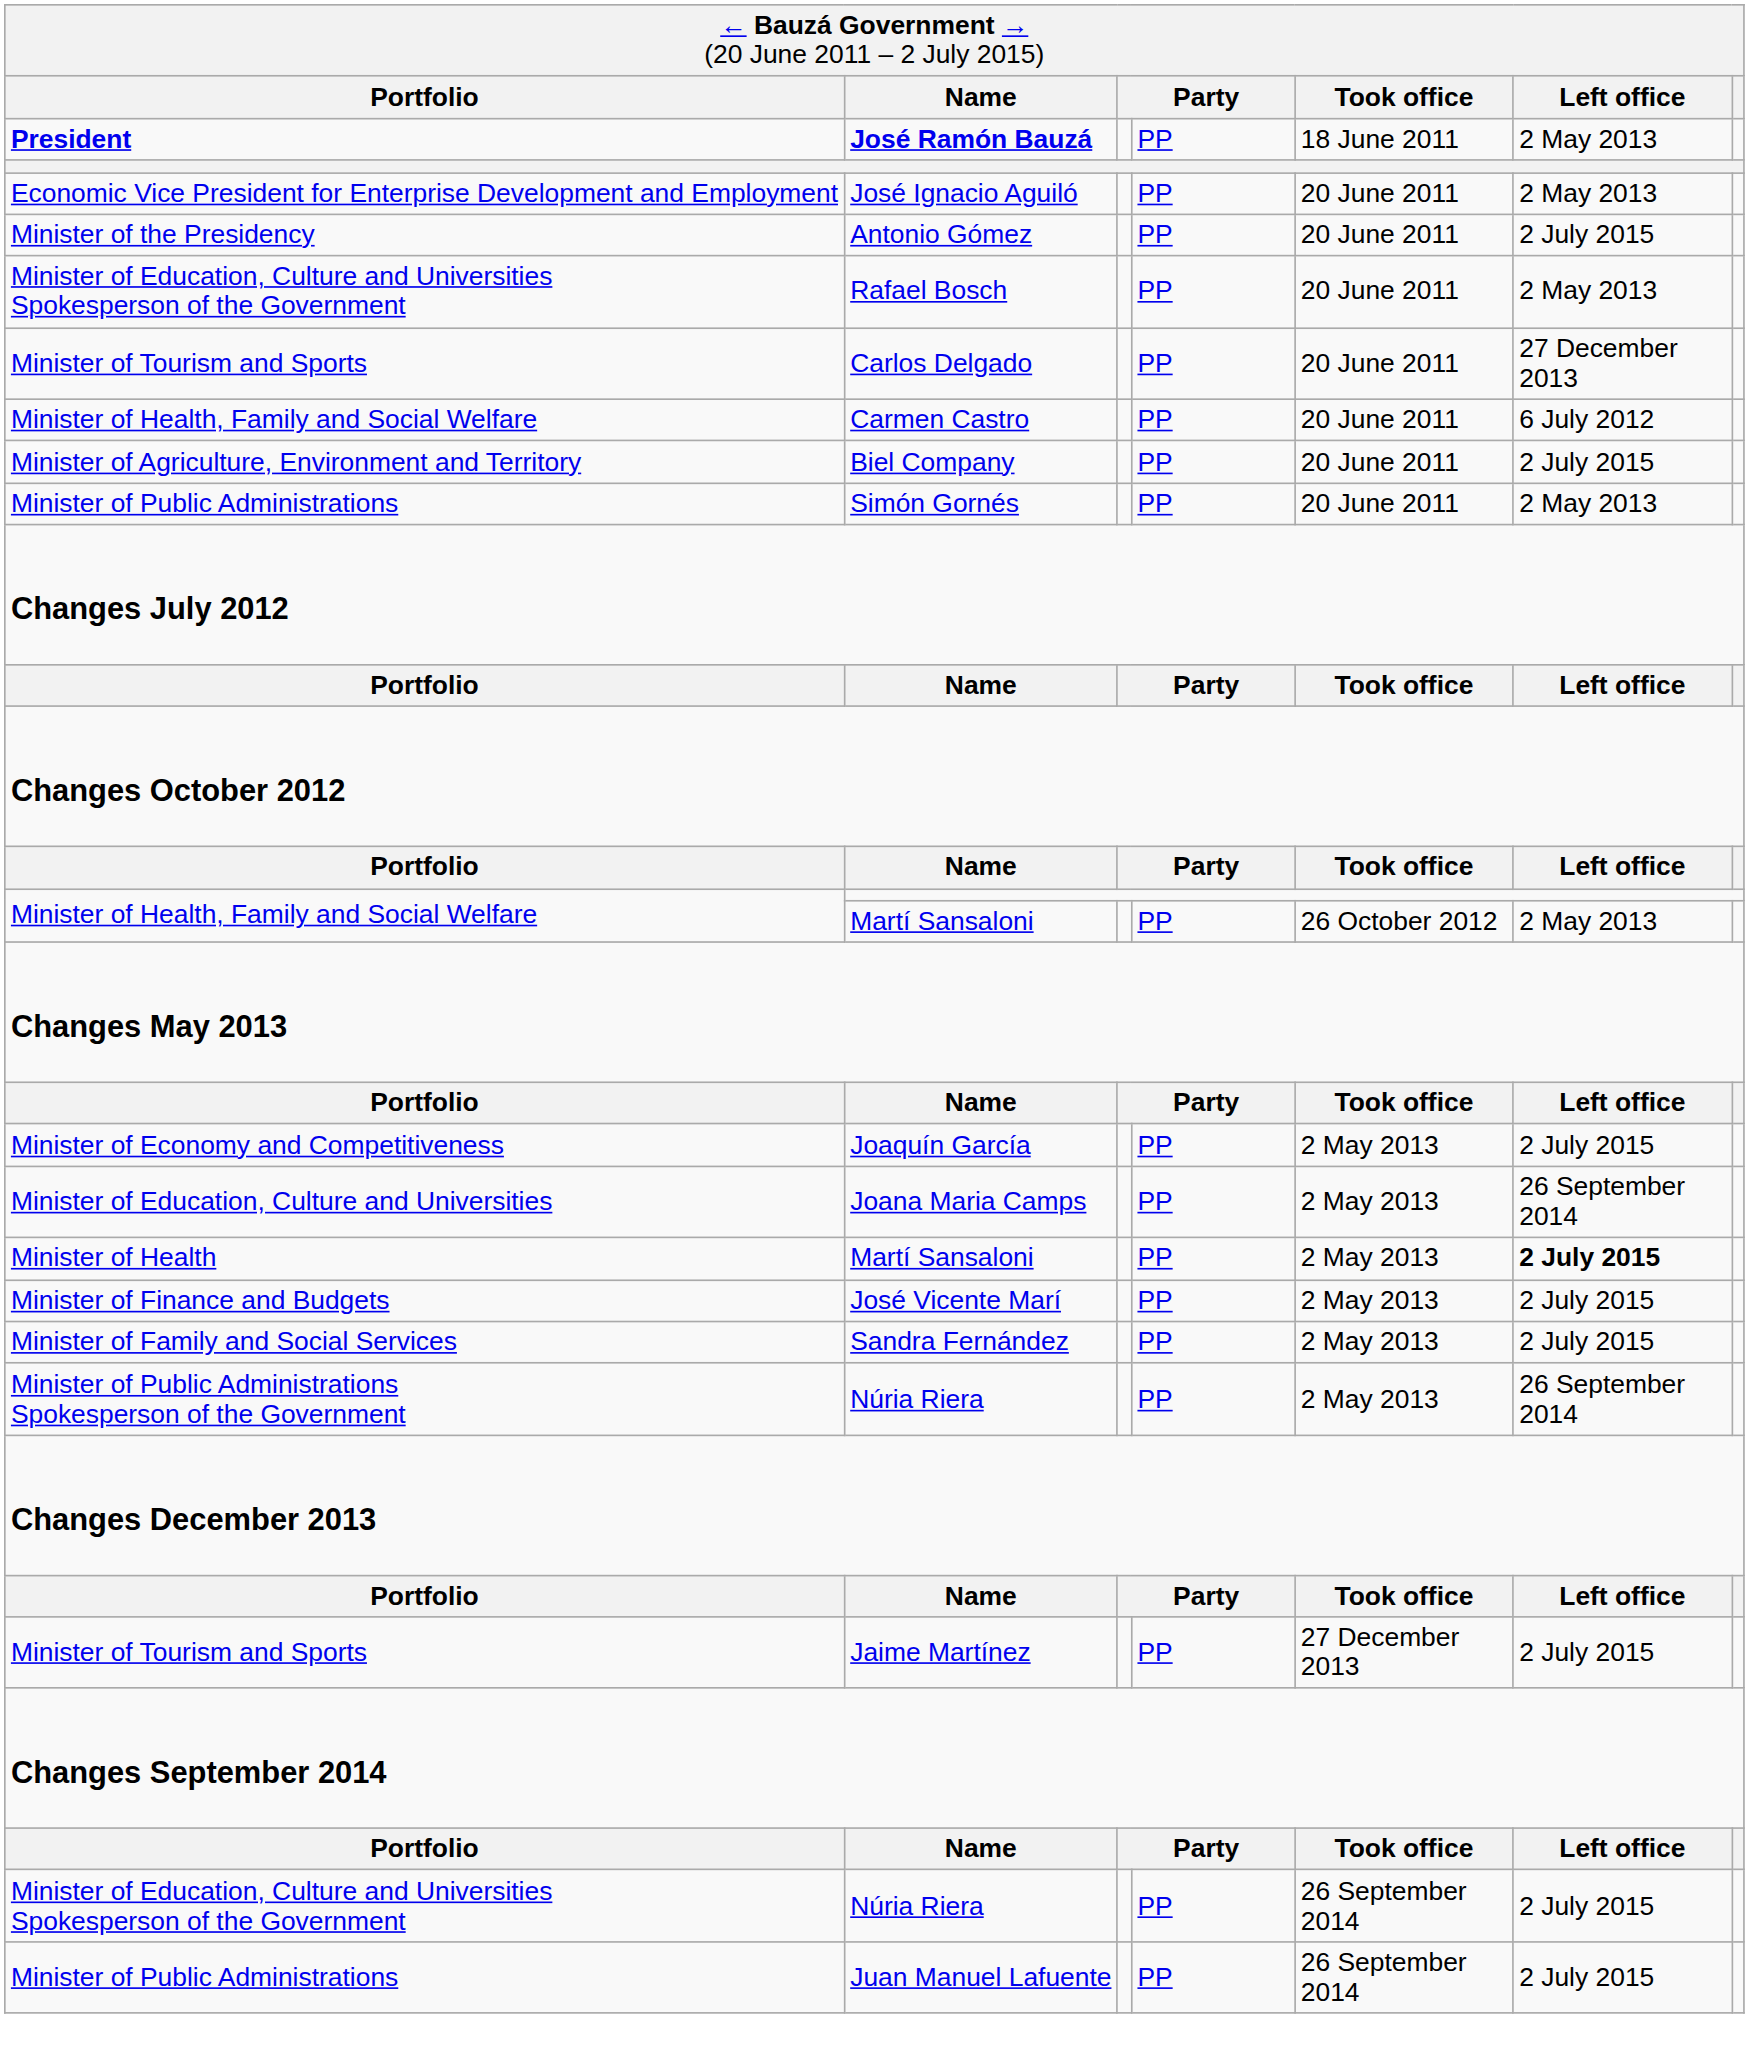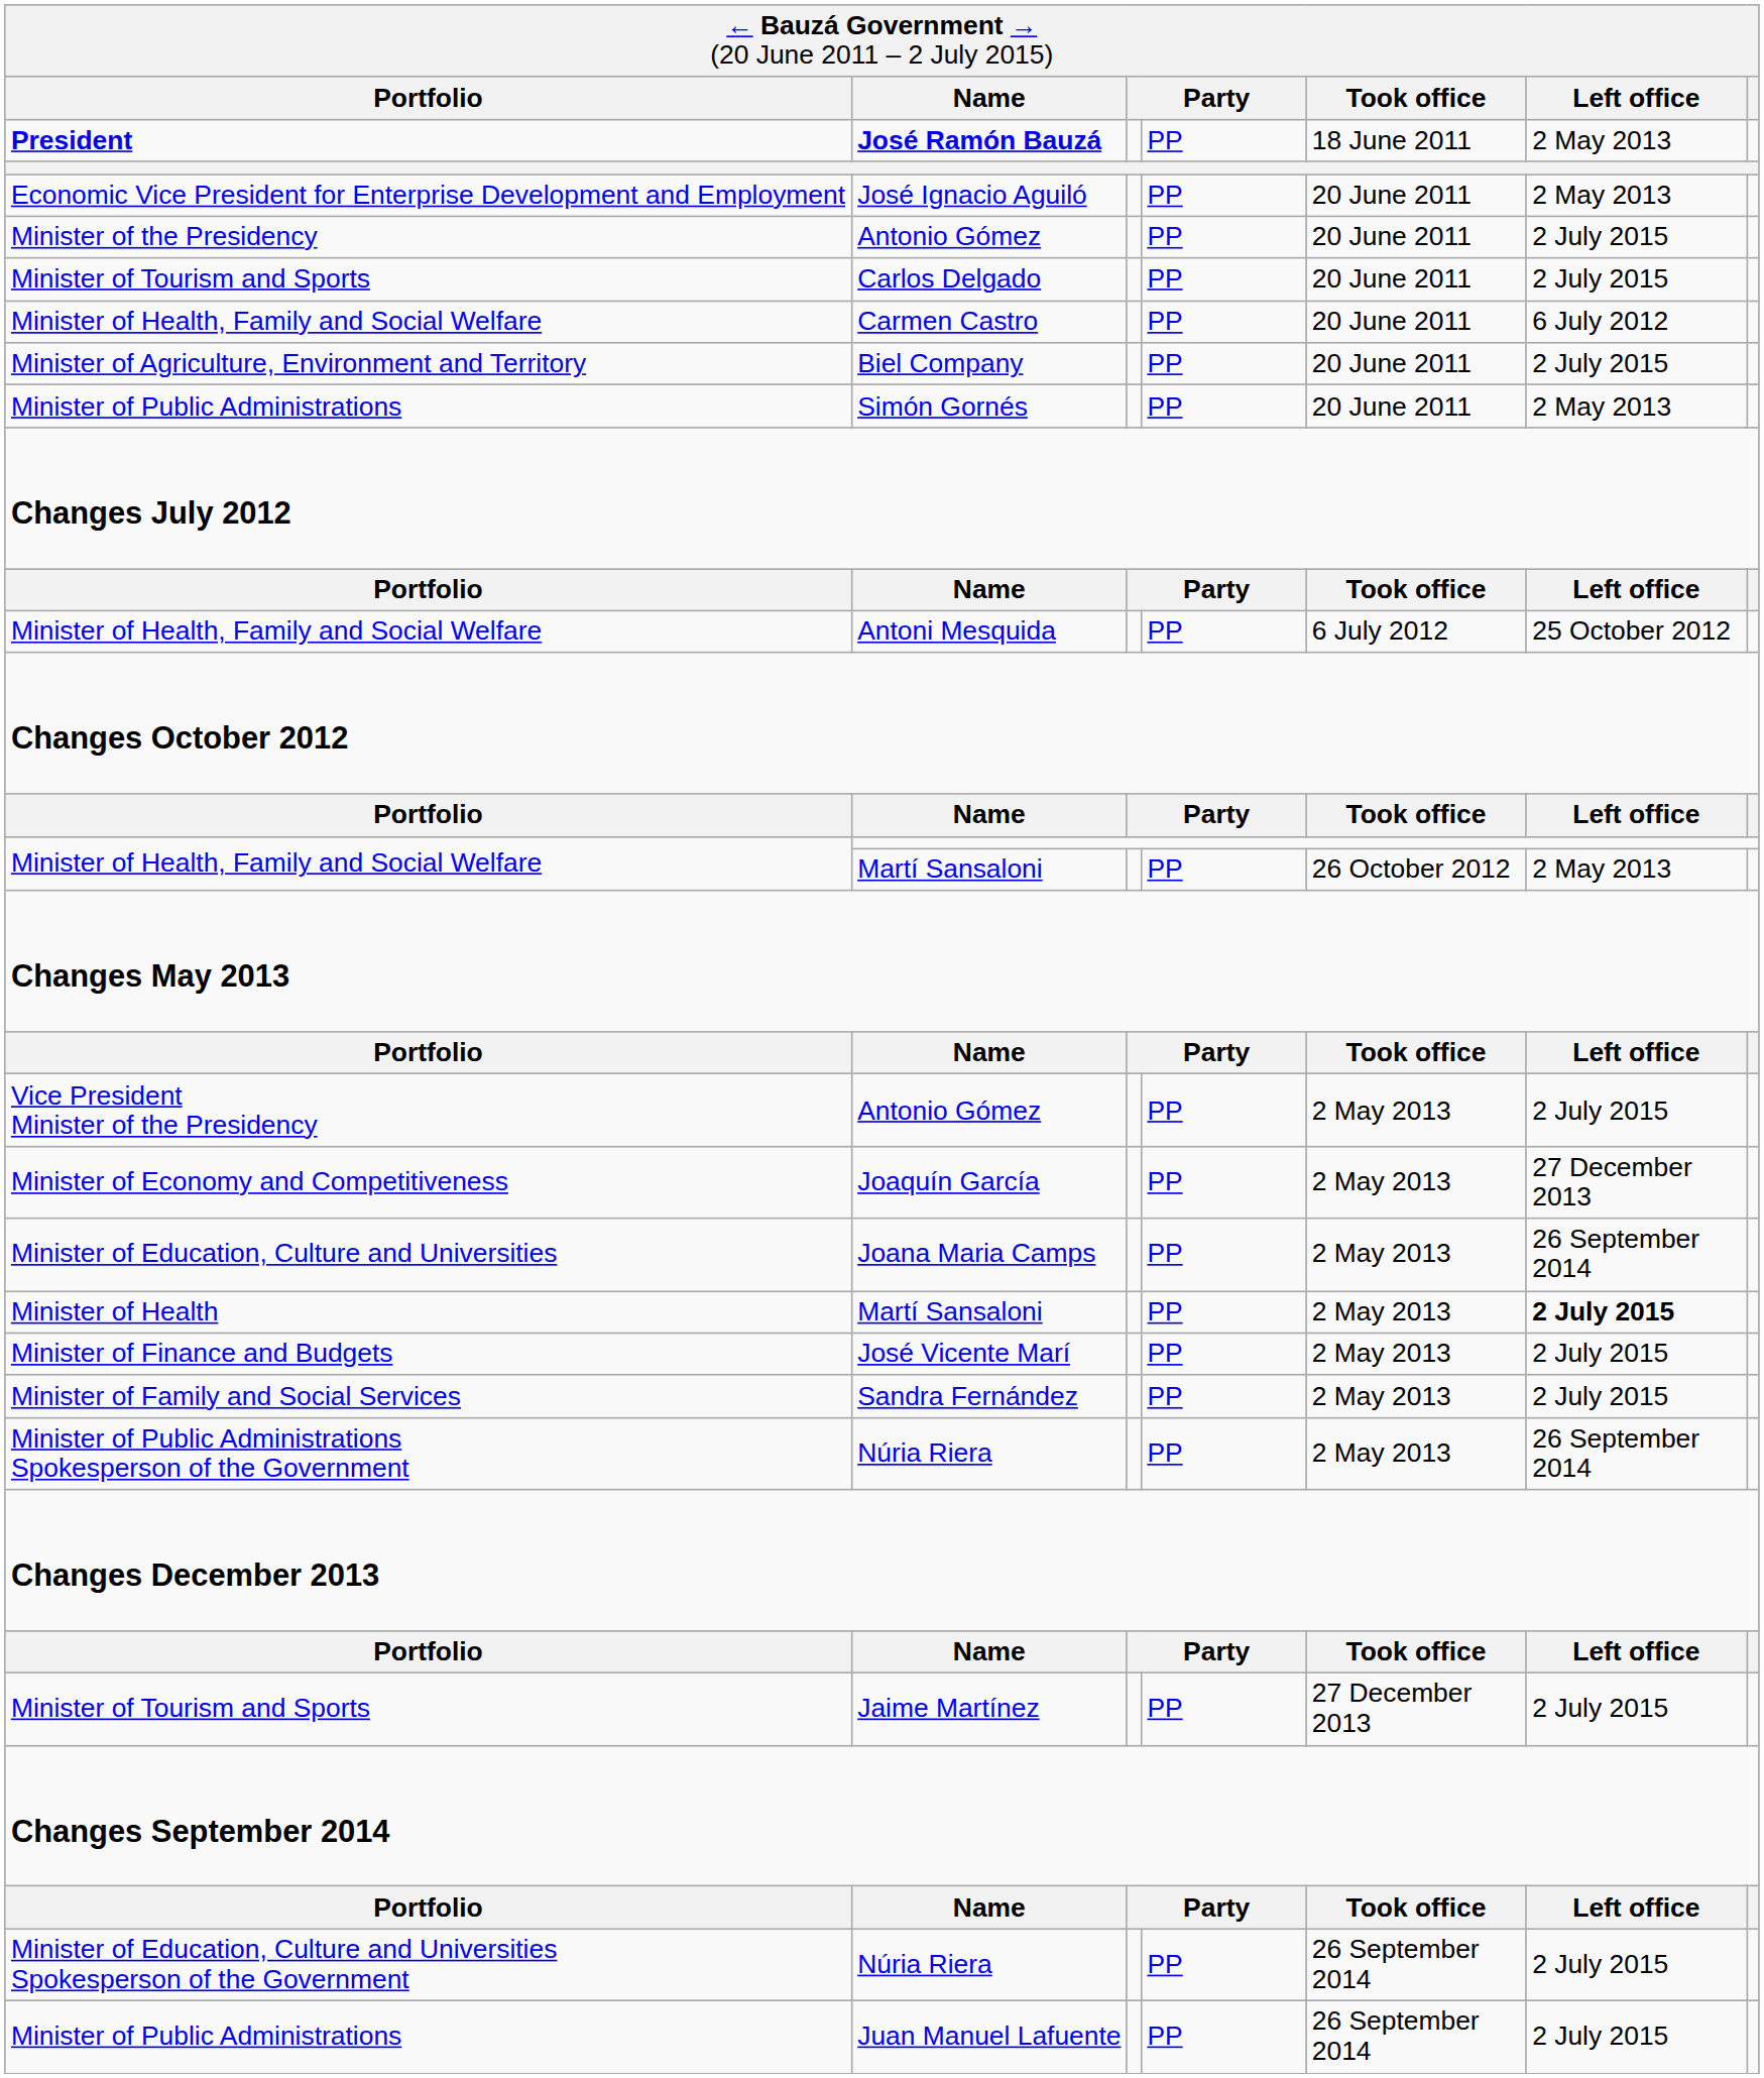 <table class="wikitable">
 <tr>
 <td colspan="7" bgcolor="#F2F2F2" align="center"><a href='#'>←</a> <strong>Bauzá Government</strong> <a href='#'>→</a><br>(20 June 2011 – 2 July 2015)</td>
 </tr>
 <tr>
 <th>Portfolio</th>
 <th>Name</th>
 <th width="100px" colspan="2">Party</th>
 <th width="125px">Took office</th>
 <th width="125px">Left office</th>
 <th></th>
 </tr>
 <tr>
 <td><strong><a href='#'>President</a></strong></td>
 <td><strong><a href='#'>José Ramón Bauzá</a></strong></td>
 <td width="1" style="background-color:"></td>
 <td><a href='#'>PP</a></td>
 <td>18 June 2011</td>
 <td>2 May 2013</td>
 <td align="center"></td>
 </tr>
 <tr>
 <th colspan="7"></th>
 </tr>
 <tr>
 <td><a href='#'>Economic Vice President for Enterprise Development and Employment</a></td>
 <td><a href='#'>José Ignacio Aguiló</a></td>
 <td style="background-color:"></td>
 <td><a href='#'>PP</a></td>
 <td>20 June 2011</td>
 <td>2 May 2013</td>
 <td align="center"></td>
 </tr>
 <tr>
 <td><a href='#'>Minister of the Presidency</a></td>
 <td><a href='#'>Antonio Gómez</a></td>
 <td style="background-color:"></td>
 <td><a href='#'>PP</a></td>
 <td>20 June 2011</td>
 <td>2 July 2015</td>
 <td align="center"></td>
 </tr>
 <tr>
-<td><a href='#'>Minister of Education, Culture and Universities</a><br><a href='#'>Spokesperson of the Government</a></td>
-<td><a href='#'>Rafael Bosch</a></td>
-<td style="background-color:"></td>
-<td><a href='#'>PP</a></td>
-<td>20 June 2011</td>
-<td>2 May 2013</td>
-<td align="center"></td>
-</tr>
-<tr>
 <td><a href='#'>Minister of Tourism and Sports</a></td>
 <td><a href='#'>Carlos Delgado</a></td>
 <td style="background-color:"></td>
 <td><a href='#'>PP</a></td>
 <td>20 June 2011</td>
-<td>27 December 2013</td>
+<td>2 July 2015</td>
 <td align="center"></td>
 </tr>
 <tr>
 <td><a href='#'>Minister of Health, Family and Social Welfare</a></td>
 <td><a href='#'>Carmen Castro</a></td>
 <td style="background-color:"></td>
 <td><a href='#'>PP</a></td>
 <td>20 June 2011</td>
 <td>6 July 2012</td>
 <td align="center"></td>
 </tr>
 <tr>
 <td><a href='#'>Minister of Agriculture, Environment and Territory</a></td>
 <td><a href='#'>Biel Company</a></td>
 <td style="background-color:"></td>
 <td><a href='#'>PP</a></td>
 <td>20 June 2011</td>
 <td>2 July 2015</td>
 <td align="center"></td>
 </tr>
 <tr>
 <td><a href='#'>Minister of Public Administrations</a></td>
 <td><a href='#'>Simón Gornés</a></td>
 <td style="background-color:"></td>
 <td><a href='#'>PP</a></td>
 <td>20 June 2011</td>
 <td>2 May 2013</td>
 <td align="center"></td>
 </tr>
 <tr>
 <td colspan="7"><br><h3>Changes July 2012</h3></td>
 </tr>
 <tr>
 <th>Portfolio</th>
 <th>Name</th>
 <th colspan="2">Party</th>
 <th>Took office</th>
 <th>Left office</th>
 <th></th>
 </tr>
 <tr>
+<td><a href='#'>Minister of Health, Family and Social Welfare</a></td>
+<td><a href='#'>Antoni Mesquida</a></td>
+<td style="background-color:"></td>
+<td><a href='#'>PP</a> </td>
+<td>6 July 2012</td>
+<td>25 October 2012</td>
+<td align="center"></td>
+</tr>
+<tr>
 <td colspan="7"><br><h3>Changes October 2012</h3></td>
 </tr>
 <tr>
 <th>Portfolio</th>
 <th>Name</th>
 <th colspan="2">Party</th>
 <th>Took office</th>
 <th>Left office</th>
 <th></th>
 </tr>
 <tr>
 <td rowspan="2"><a href='#'>Minister of Health, Family and Social Welfare</a></td>
 <td colspan="6"></td>
 </tr>
 <tr>
 <td><a href='#'>Martí Sansaloni</a></td>
 <td style="background-color:"></td>
 <td><a href='#'>PP</a></td>
 <td>26 October 2012</td>
 <td>2 May 2013</td>
 <td align="center"></td>
 </tr>
 <tr>
 <td colspan="7"><br><h3>Changes May 2013</h3></td>
 </tr>
 <tr>
 <th>Portfolio</th>
 <th>Name</th>
 <th colspan="2">Party</th>
 <th>Took office</th>
 <th>Left office</th>
 <th></th>
 </tr>
 <tr>
+<td><a href='#'>Vice President</a><br><a href='#'>Minister of the Presidency</a></td>
+<td><a href='#'>Antonio Gómez</a></td>
+<td style="background-color:"></td>
+<td><a href='#'>PP</a></td>
+<td>2 May 2013</td>
+<td>2 July 2015</td>
+<td align="center"></td>
+</tr>
+<tr>
 <td><a href='#'>Minister of Economy and Competitiveness</a></td>
 <td><a href='#'>Joaquín García</a></td>
 <td style="background-color:"></td>
 <td><a href='#'>PP</a></td>
 <td>2 May 2013</td>
-<td>2 July 2015</td>
+<td>27 December 2013</td>
 <td align="center"></td>
 </tr>
 <tr>
 <td><a href='#'>Minister of Education, Culture and Universities</a></td>
 <td><a href='#'>Joana Maria Camps</a></td>
 <td style="background-color:"></td>
 <td><a href='#'>PP</a></td>
 <td>2 May 2013</td>
 <td>26 September 2014</td>
 <td align="center"></td>
 </tr>
 <tr>
 <td><a href='#'>Minister of Health</a></td>
 <td><a href='#'>Martí Sansaloni</a></td>
 <td style="background-color:"></td>
 <td><a href='#'>PP</a></td>
 <td>2 May 2013</td>
 <td><strong>2 July 2015</strong></td>
 <td align="center"></td>
 </tr>
 <tr>
 <td><a href='#'>Minister of Finance and Budgets</a></td>
 <td><a href='#'>José Vicente Marí</a></td>
 <td style="background-color:"></td>
 <td><a href='#'>PP</a></td>
 <td>2 May 2013</td>
 <td>2 July 2015</td>
 <td align="center"></td>
 </tr>
 <tr>
 <td><a href='#'>Minister of Family and Social Services</a></td>
 <td><a href='#'>Sandra Fernández</a></td>
 <td style="background-color:"></td>
 <td><a href='#'>PP</a></td>
 <td>2 May 2013</td>
 <td>2 July 2015</td>
 <td align="center"></td>
 </tr>
 <tr>
 <td><a href='#'>Minister of Public Administrations</a><br><a href='#'>Spokesperson of the Government</a></td>
 <td><a href='#'>Núria Riera</a></td>
 <td style="background-color:"></td>
 <td><a href='#'>PP</a></td>
 <td>2 May 2013</td>
 <td>26 September 2014</td>
 <td align="center"></td>
 </tr>
 <tr>
 <td colspan="7"><br><h3>Changes December 2013</h3></td>
 </tr>
 <tr>
 <th>Portfolio</th>
 <th>Name</th>
 <th colspan="2">Party</th>
 <th>Took office</th>
 <th>Left office</th>
 <th></th>
 </tr>
 <tr>
 <td><a href='#'>Minister of Tourism and Sports</a></td>
 <td><a href='#'>Jaime Martínez</a></td>
 <td style="background-color:"></td>
 <td><a href='#'>PP</a></td>
 <td>27 December 2013</td>
 <td>2 July 2015</td>
 <td align="center"></td>
 </tr>
 <tr>
 <td colspan="7"><br><h3>Changes September 2014</h3></td>
 </tr>
 <tr>
 <th>Portfolio</th>
 <th>Name</th>
 <th colspan="2">Party</th>
 <th>Took office</th>
 <th>Left office</th>
 <th></th>
 </tr>
 <tr>
 <td><a href='#'>Minister of Education, Culture and Universities</a><br><a href='#'>Spokesperson of the Government</a></td>
 <td><a href='#'>Núria Riera</a></td>
 <td style="background-color:"></td>
 <td><a href='#'>PP</a></td>
 <td>26 September 2014</td>
 <td>2 July 2015</td>
 <td align="center"></td>
 </tr>
 <tr>
 <td><a href='#'>Minister of Public Administrations</a></td>
 <td><a href='#'>Juan Manuel Lafuente</a></td>
 <td style="background-color:"></td>
 <td><a href='#'>PP</a></td>
 <td>26 September 2014</td>
 <td>2 July 2015</td>
 <td align="center"></td>
 </tr>
 </table>
